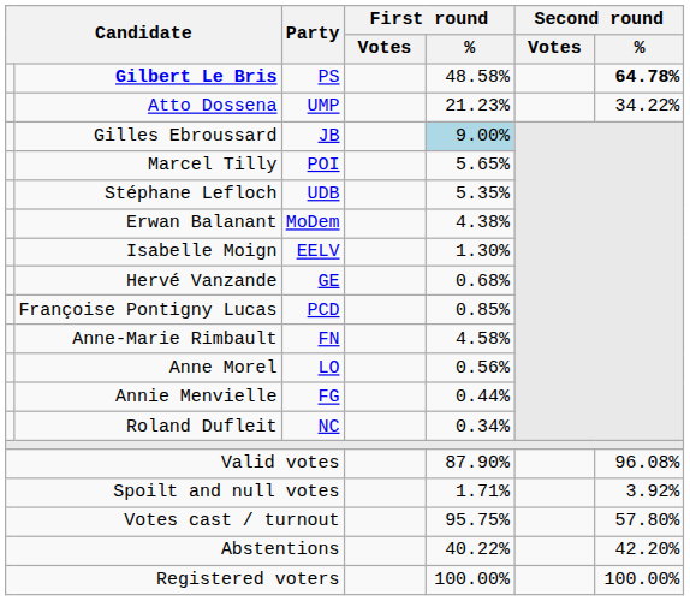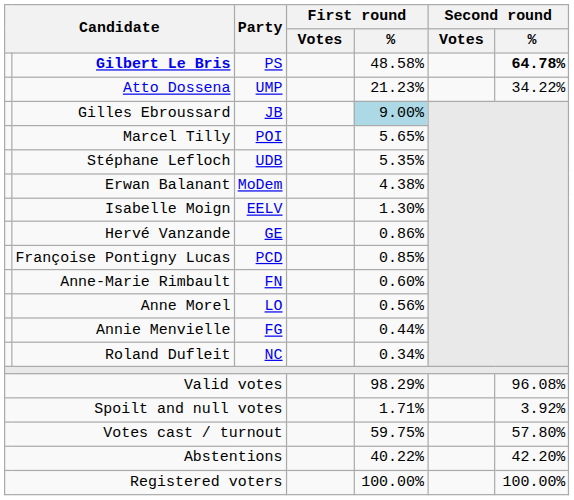 <table class="wikitable" style="text-align:right;font-size:95%;">
 <tr>
 <th rowspan=2 colspan=2>Candidate</th>
 <th rowspan=2 colspan=1>Party</th>
 <th colspan=2>First round</th>
 <th colspan=2>Second round</th>
 </tr>
 <tr>
 <th style="width:50px;">Votes</th>
 <th style="width:55px;">%</th>
 <th style="width:50px;">Votes</th>
 <th style="width:55px;">%</th>
 </tr>
 <tr>
 <td style="color:inherit;background-color:"></td>
 <td><strong><a href='#'>Gilbert Le Bris</a></strong></td>
 <td><a href='#'>PS</a></td>
 <td></td>
 <td>48.58%</td>
 <td><strong></strong></td>
 <td><strong>64.78%</strong></td>
 </tr>
 <tr>
 <td style="color:inherit;background-color:"></td>
 <td><a href='#'>Atto Dossena</a></td>
 <td><a href='#'>UMP</a></td>
 <td></td>
 <td>21.23%</td>
 <td></td>
 <td>34.22%</td>
 </tr>
 <tr>
 <td style="color:inherit;background-color:"></td>
 <td>Gilles Ebroussard</td>
 <td><a href='#'>JB</a> </td>
 <td></td>
 <td style="background: lightblue;">9.00%</td>
 <td colspan=7 rowspan=11 style="background-color:#E9E9E9;"></td>
 </tr>
 <tr>
 <td style="color:inherit;background-color:"></td>
 <td>Marcel Tilly</td>
 <td><a href='#'>POI</a></td>
 <td></td>
 <td>5.65%</td>
 </tr>
 <tr>
 <td style="color:inherit;background-color:"></td>
 <td>Stéphane Lefloch</td>
 <td><a href='#'>UDB</a></td>
 <td></td>
 <td>5.35%</td>
 </tr>
 <tr>
 <td style="color:inherit;background-color:"></td>
 <td>Erwan Balanant</td>
 <td><a href='#'>MoDem</a></td>
 <td></td>
 <td>4.38%</td>
 </tr>
 <tr>
 <td style="color:inherit;background-color:"></td>
 <td>Isabelle Moign</td>
 <td><a href='#'>EELV</a></td>
 <td></td>
 <td>1.30%</td>
 </tr>
 <tr>
 <td style="color:inherit;background-color:"></td>
 <td>Hervé Vanzande</td>
 <td><a href='#'>GE</a></td>
 <td></td>
-<td>0.68%</td>
+<td>0.86%</td>
 </tr>
 <tr>
 <td style="color:inherit;background-color:"></td>
 <td>Françoise Pontigny Lucas</td>
 <td><a href='#'>PCD</a></td>
 <td></td>
 <td>0.85%</td>
 </tr>
 <tr>
 <td style="color:inherit;background-color:"></td>
 <td>Anne-Marie Rimbault</td>
 <td><a href='#'>FN</a></td>
 <td></td>
-<td>4.58%</td>
+<td>0.60%</td>
 </tr>
 <tr>
 <td style="color:inherit;background-color:"></td>
 <td>Anne Morel</td>
 <td><a href='#'>LO</a></td>
 <td></td>
 <td>0.56%</td>
 </tr>
 <tr>
 <td style="color:inherit;background-color:"></td>
 <td>Annie Menvielle</td>
 <td><a href='#'>FG</a></td>
 <td></td>
 <td>0.44%</td>
 </tr>
 <tr>
 <td style="color:inherit;background-color:"></td>
 <td>Roland Dufleit</td>
 <td><a href='#'>NC</a></td>
 <td></td>
 <td>0.34%</td>
 </tr>
 <tr>
 <td colspan=7 style="background-color:#E9E9E9;"></td>
 </tr>
 <tr>
 <td colspan=3>Valid votes</td>
 <td></td>
-<td>87.90%</td>
+<td>98.29%</td>
 <td></td>
 <td>96.08%</td>
 </tr>
 <tr>
 <td colspan=3>Spoilt and null votes</td>
 <td></td>
 <td>1.71%</td>
 <td></td>
 <td>3.92%</td>
 </tr>
 <tr>
 <td colspan=3>Votes cast / turnout</td>
 <td></td>
-<td>95.75%</td>
+<td>59.75%</td>
 <td></td>
 <td>57.80%</td>
 </tr>
 <tr>
 <td colspan=3>Abstentions</td>
 <td></td>
 <td>40.22%</td>
 <td></td>
 <td>42.20%</td>
 </tr>
 <tr>
 <td colspan=3>Registered voters</td>
 <td></td>
 <td>100.00%</td>
 <td></td>
 <td>100.00%</td>
 </tr>
 </table>
